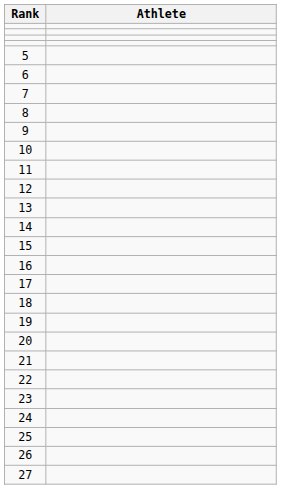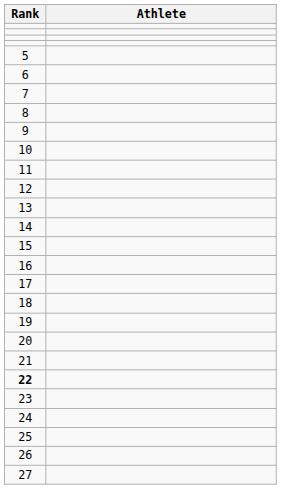 <table class="wikitable" style="text-align: center;">
 <tr>
 <th width=40>Rank</th>
 <th width=250>Athlete</th>
 </tr>
 <tr>
 <td></td>
 <td align=left></td>
 </tr>
 <tr>
 <td></td>
 <td align=left></td>
 </tr>
 <tr>
 <td></td>
 <td align=left></td>
 </tr>
 <tr>
 <td></td>
 <td align=left></td>
 </tr>
 <tr>
 <td>5</td>
 <td align=left></td>
 </tr>
 <tr>
 <td>6</td>
 <td align=left></td>
 </tr>
 <tr>
 <td>7</td>
 <td align=left></td>
 </tr>
 <tr>
 <td>8</td>
 <td align=left></td>
 </tr>
 <tr>
 <td>9</td>
 <td align=left></td>
 </tr>
 <tr>
 <td>10</td>
 <td align=left></td>
 </tr>
 <tr>
 <td>11</td>
 <td align=left></td>
 </tr>
 <tr>
 <td>12</td>
 <td align=left></td>
 </tr>
 <tr>
 <td>13</td>
 <td align=left></td>
 </tr>
 <tr>
 <td>14</td>
 <td align=left></td>
 </tr>
 <tr>
 <td>15</td>
 <td align=left></td>
 </tr>
 <tr>
 <td>16</td>
 <td align=left></td>
 </tr>
 <tr>
 <td>17</td>
 <td align=left></td>
 </tr>
 <tr>
 <td>18</td>
 <td align=left></td>
 </tr>
 <tr>
 <td>19</td>
 <td align=left></td>
 </tr>
 <tr>
 <td>20</td>
 <td align=left></td>
 </tr>
 <tr>
 <td>21</td>
 <td align=left></td>
 </tr>
 <tr>
-<td>22</td>
+<td><strong>22</strong></td>
 <td align=left></td>
 </tr>
 <tr>
 <td>23</td>
 <td align=left></td>
 </tr>
 <tr>
 <td>24</td>
 <td align=left></td>
 </tr>
 <tr>
 <td>25</td>
 <td align=left></td>
 </tr>
 <tr>
 <td>26</td>
 <td align=left></td>
 </tr>
 <tr>
 <td>27</td>
 <td align=left></td>
 </tr>
 </table>
